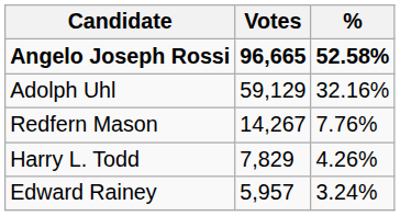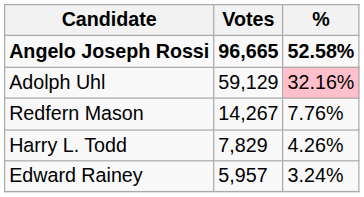 <table class="wikitable">
 <tr>
 <th>Candidate</th>
 <th>Votes</th>
 <th>%</th>
 </tr>
 <tr>
 <td><strong>Angelo Joseph Rossi</strong></td>
 <td><strong>96,665</strong></td>
 <td><strong>52.58%</strong></td>
 </tr>
 <tr>
 <td>Adolph Uhl</td>
 <td>59,129</td>
-<td>32.16%</td>
+<td style="background: pink;">32.16%</td>
 </tr>
 <tr>
 <td>Redfern Mason</td>
 <td>14,267</td>
 <td>7.76%</td>
 </tr>
 <tr>
 <td>Harry L. Todd</td>
 <td>7,829</td>
 <td>4.26%</td>
 </tr>
 <tr>
 <td>Edward Rainey</td>
 <td>5,957</td>
 <td>3.24%</td>
 </tr>
 <tr>
 </tr>
 </table>
